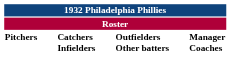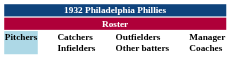 <table class="toccolours" style="font-size: 95%;">
 <tr>
 <th colspan="10" style="background-color: #0f437c; color: white; text-align: center;">1932 Philadelphia Phillies</th>
 </tr>
 <tr>
 <td colspan="10" style="background-color: #af0039; color: white; text-align: center;"><strong>Roster</strong></td>
 </tr>
 <tr>
-<td valign="top"><strong>Pitchers</strong><br>             </td>
+<td valign="top" style="background: lightblue;"><strong>Pitchers</strong><br>             </td>
 <td width="25px"></td>
 <td valign="top"><strong>Catchers</strong><br>   <strong>Infielders</strong>        </td>
 <td width="25px"></td>
 <td valign="top"><strong>Outfielders</strong><br>      <strong>Other batters</strong>  </td>
 <td width="25px"></td>
 <td valign="top"><strong>Manager</strong><br> <strong>Coaches</strong>  </td>
 </tr>
 </table>
